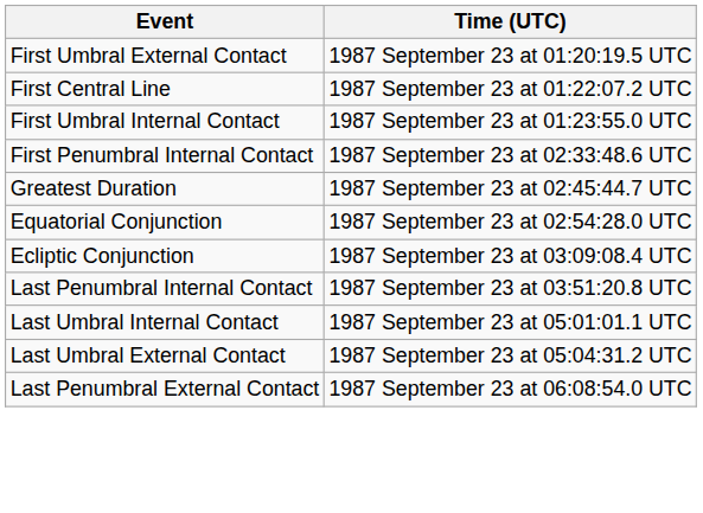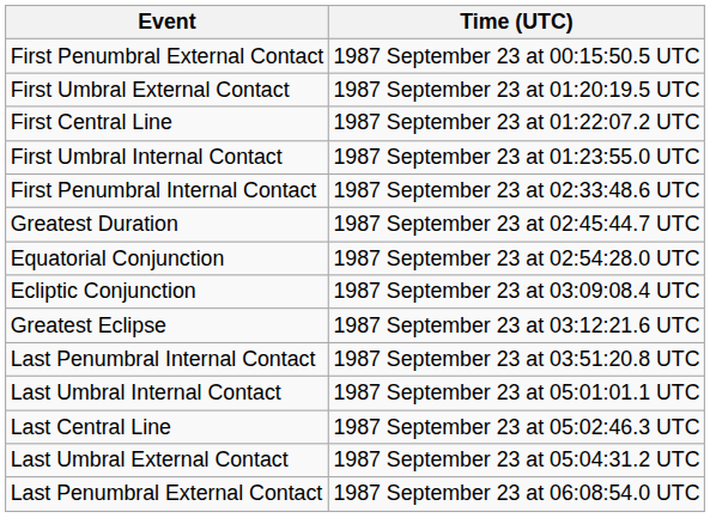 <table class="wikitable">
 <tr>
 <th>Event</th>
 <th>Time (UTC)</th>
+</tr>
+<tr>
+<td>First Penumbral External Contact</td>
+<td>1987 September 23 at 00:15:50.5 UTC</td>
 </tr>
 <tr>
 <td>First Umbral External Contact</td>
 <td>1987 September 23 at 01:20:19.5 UTC</td>
 </tr>
 <tr>
 <td>First Central Line</td>
 <td>1987 September 23 at 01:22:07.2 UTC</td>
 </tr>
 <tr>
 <td>First Umbral Internal Contact</td>
 <td>1987 September 23 at 01:23:55.0 UTC</td>
 </tr>
 <tr>
 <td>First Penumbral Internal Contact</td>
 <td>1987 September 23 at 02:33:48.6 UTC</td>
 </tr>
 <tr>
 <td>Greatest Duration</td>
 <td>1987 September 23 at 02:45:44.7 UTC</td>
 </tr>
 <tr>
 <td>Equatorial Conjunction</td>
 <td>1987 September 23 at 02:54:28.0 UTC</td>
 </tr>
 <tr>
 <td>Ecliptic Conjunction</td>
 <td>1987 September 23 at 03:09:08.4 UTC</td>
 </tr>
 <tr>
+<td>Greatest Eclipse</td>
+<td>1987 September 23 at 03:12:21.6 UTC</td>
+</tr>
+<tr>
 <td>Last Penumbral Internal Contact</td>
 <td>1987 September 23 at 03:51:20.8 UTC</td>
 </tr>
 <tr>
 <td>Last Umbral Internal Contact</td>
 <td>1987 September 23 at 05:01:01.1 UTC</td>
+</tr>
+<tr>
+<td>Last Central Line</td>
+<td>1987 September 23 at 05:02:46.3 UTC</td>
 </tr>
 <tr>
 <td>Last Umbral External Contact</td>
 <td>1987 September 23 at 05:04:31.2 UTC</td>
 </tr>
 <tr>
 <td>Last Penumbral External Contact</td>
 <td>1987 September 23 at 06:08:54.0 UTC</td>
 </tr>
 </table>
